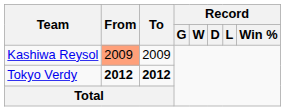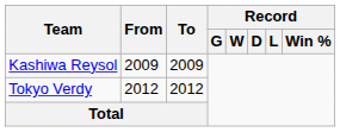 <table class="wikitable" style="text-align: center">
 <tr>
 <th rowspan="2">Team</th>
 <th rowspan="2">From</th>
 <th rowspan="2">To</th>
 <th colspan="5">Record</th>
 </tr>
 <tr>
 <th>G</th>
 <th>W</th>
 <th>D</th>
 <th>L</th>
 <th>Win %</th>
 </tr>
 <tr>
 <td align="left"><a href='#'>Kashiwa Reysol</a></td>
-<td align="left" style="background: lightsalmon;">2009</td>
+<td align="left">2009</td>
 <td align="left">2009<br></td>
 </tr>
 <tr>
 <td align="left"><a href='#'>Tokyo Verdy</a></td>
-<td align="left"><strong>2012</strong></td>
-<td align="left"><strong>2012<br></strong></td>
+<td align="left">2012</td>
+<td align="left">2012<br></td>
 </tr>
 <tr>
 <th colspan="3">Total<br></th>
 </tr>
 </table>
